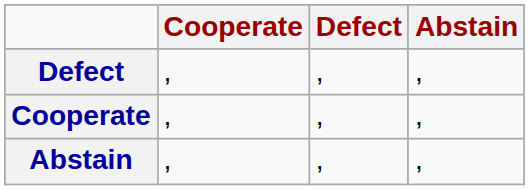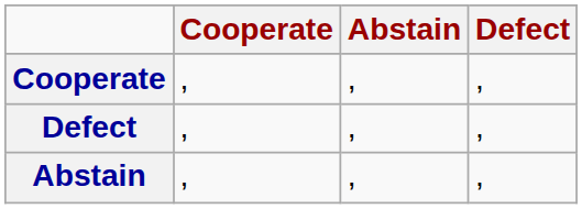 <table class="wikitable">
 <tr>
 <td></td>
 <th scope="col" style="color: #900">Cooperate</th>
+<th scope="col" style="color: #900">Abstain</th>
 <th scope="col" style="color: #900">Defect</th>
-<th scope="col" style="color: #900">Abstain</th>
 </tr>
 <tr>
-<th scope="row" style="color: #009">Defect</th>
+<th scope="row" style="color: #009">Cooperate</th>
 <td>, </td>
 <td>, </td>
 <td>, </td>
 </tr>
 <tr>
-<th scope="row" style="color: #009">Cooperate</th>
+<th scope="row" style="color: #009">Defect</th>
 <td>, </td>
 <td>, </td>
 <td>, </td>
 </tr>
 <tr>
 <th scope="row" style="color: #009">Abstain</th>
 <td>, </td>
 <td>, </td>
 <td>, </td>
 </tr>
 </table>
